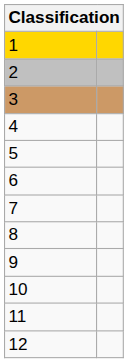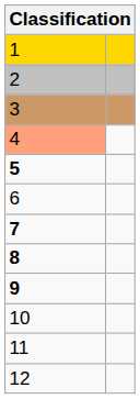 <table class="wikitable" font-size: 90%;>
 <tr>
 <th colspan=2>Classification</th>
 </tr>
 <tr bgcolor=gold valign="top">
 <td>1</td>
 <td><strong></strong></td>
 </tr>
 <tr bgcolor=silver>
 <td>2</td>
 <td></td>
 </tr>
 <tr bgcolor=cc9966>
 <td>3</td>
 <td></td>
 </tr>
 <tr>
-<td>4</td>
+<td style="background: lightsalmon;">4</td>
 <td></td>
 </tr>
 <tr>
-<td>5</td>
+<td><strong>5</strong></td>
 <td></td>
 </tr>
 <tr>
 <td>6</td>
 <td></td>
 </tr>
 <tr>
-<td>7</td>
+<td><strong>7</strong></td>
 <td></td>
 </tr>
 <tr>
-<td>8</td>
+<td><strong>8</strong></td>
 <td></td>
 </tr>
 <tr>
-<td>9</td>
+<td><strong>9</strong></td>
 <td></td>
 </tr>
 <tr>
 <td>10</td>
 <td></td>
 </tr>
 <tr>
 <td>11</td>
 <td></td>
 </tr>
 <tr>
 <td>12</td>
 <td></td>
 </tr>
 </table>
